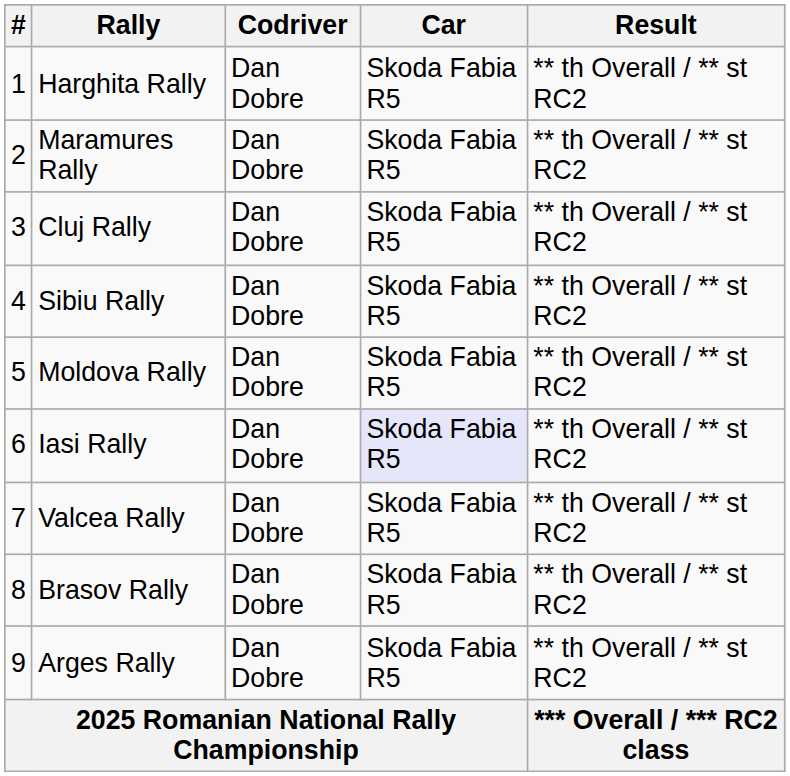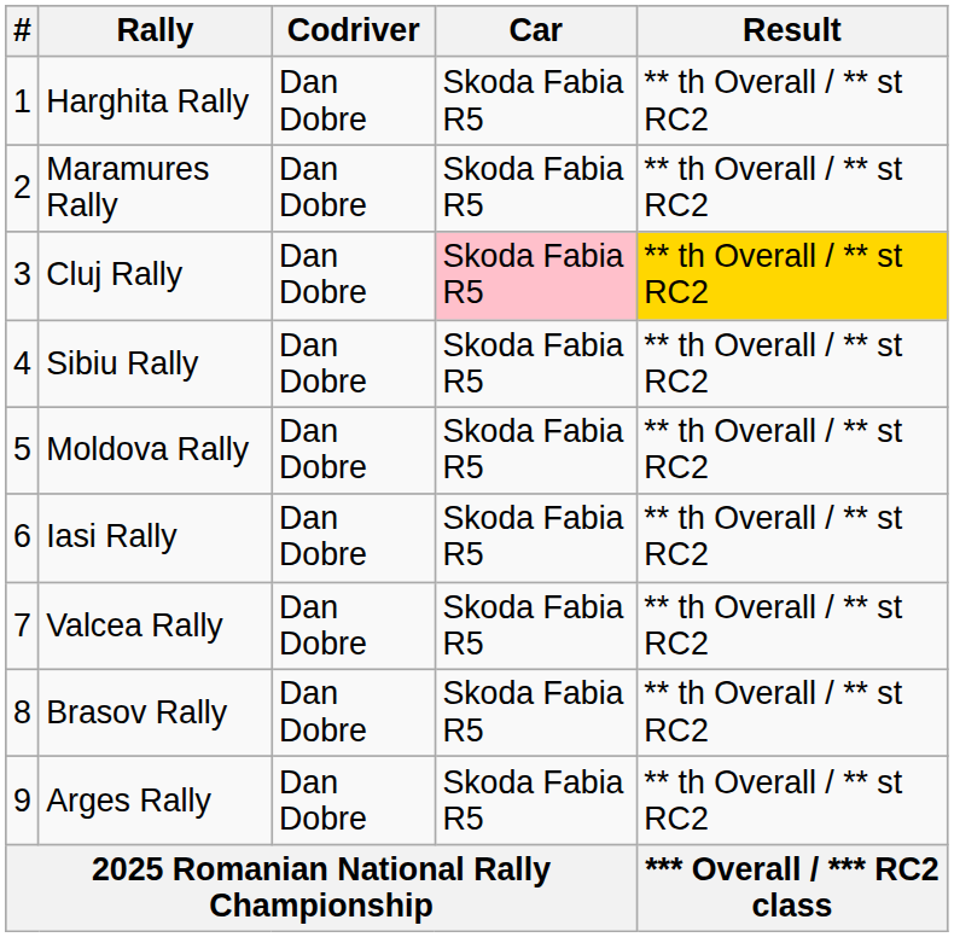 <table class="wikitable" width="75%">
 <tr>
 <th>#</th>
 <th>Rally</th>
 <th>Codriver</th>
 <th>Car</th>
 <th>Result</th>
 </tr>
 <tr>
 <td align="center">1</td>
 <td>Harghita Rally</td>
 <td>Dan Dobre</td>
 <td>Skoda Fabia R5</td>
 <td>** th Overall / ** st RC2</td>
 </tr>
 <tr>
 <td align="center">2</td>
 <td>Maramures Rally</td>
 <td>Dan Dobre</td>
 <td>Skoda Fabia R5</td>
 <td>** th Overall / ** st RC2</td>
 </tr>
 <tr>
 <td align="center">3</td>
 <td>Cluj Rally</td>
 <td>Dan Dobre</td>
-<td>Skoda Fabia R5</td>
-<td>** th Overall / ** st RC2</td>
+<td style="background: pink;">Skoda Fabia R5</td>
+<td style="background: gold;">** th Overall / ** st RC2</td>
 </tr>
 <tr>
 <td align="center">4</td>
 <td>Sibiu Rally</td>
 <td>Dan Dobre</td>
 <td>Skoda Fabia R5</td>
 <td>** th Overall / ** st RC2</td>
 </tr>
 <tr>
 <td align="center">5</td>
 <td>Moldova Rally</td>
 <td>Dan Dobre</td>
 <td>Skoda Fabia R5</td>
 <td>** th Overall / ** st RC2</td>
 </tr>
 <tr>
 <td align="center">6</td>
 <td>Iasi Rally</td>
 <td>Dan Dobre</td>
-<td style="background: lavender;">Skoda Fabia R5</td>
+<td>Skoda Fabia R5</td>
 <td>** th Overall / ** st RC2</td>
 </tr>
 <tr>
 <td align="center">7</td>
 <td>Valcea Rally</td>
 <td>Dan Dobre</td>
 <td>Skoda Fabia R5</td>
 <td>** th Overall / ** st RC2</td>
 </tr>
 <tr>
 <td align="center">8</td>
 <td>Brasov Rally</td>
 <td>Dan Dobre</td>
 <td>Skoda Fabia R5</td>
 <td>** th Overall / ** st RC2</td>
 </tr>
 <tr>
 <td align="center">9</td>
 <td>Arges Rally</td>
 <td>Dan Dobre</td>
 <td>Skoda Fabia R5</td>
 <td>** th Overall / ** st RC2</td>
 </tr>
 <tr>
 <th scope="row" colspan=4>2025 Romanian National Rally Championship</th>
 <th>*** Overall / *** RC2 class</th>
 </tr>
 </table>
